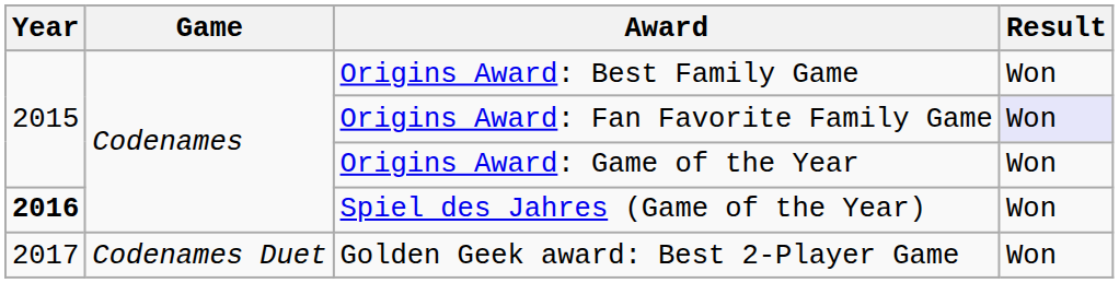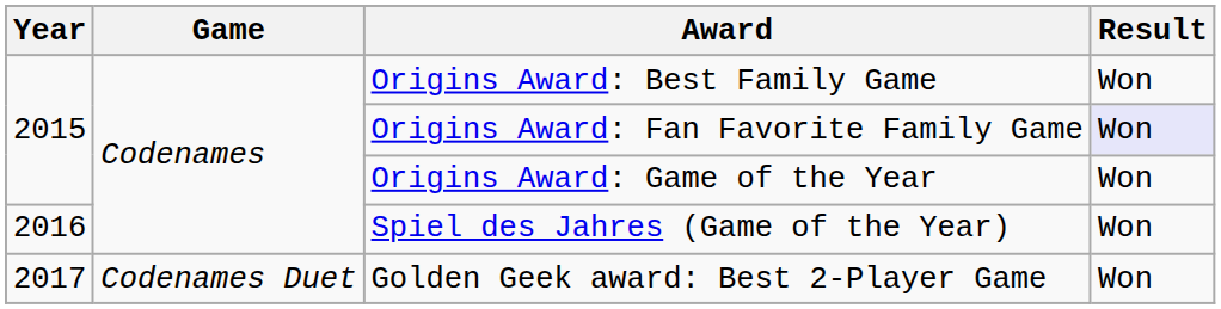 <table class="wikitable">
 <tr>
 <th>Year</th>
 <th>Game</th>
 <th>Award</th>
 <th>Result</th>
 </tr>
 <tr>
 <td rowspan="3">2015</td>
 <td rowspan="4"><em>Codenames</em></td>
 <td><a href='#'>Origins Award</a>: Best Family Game</td>
 <td>Won</td>
 </tr>
 <tr>
 <td><a href='#'>Origins Award</a>: Fan Favorite Family Game</td>
 <td style="background: lavender;">Won</td>
 </tr>
 <tr>
 <td><a href='#'>Origins Award</a>: Game of the Year</td>
 <td>Won</td>
 </tr>
 <tr>
-<td><strong>2016</strong></td>
+<td>2016</td>
 <td><a href='#'>Spiel des Jahres</a> (Game of the Year)</td>
 <td>Won</td>
 </tr>
 <tr>
 <td>2017</td>
 <td><em>Codenames Duet</em></td>
 <td>Golden Geek award: Best 2-Player Game</td>
 <td>Won</td>
 </tr>
 </table>
